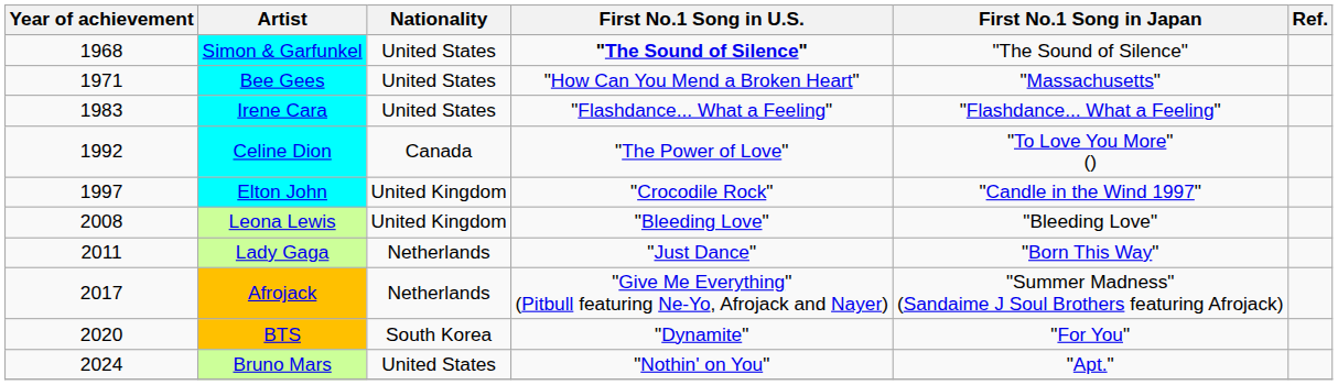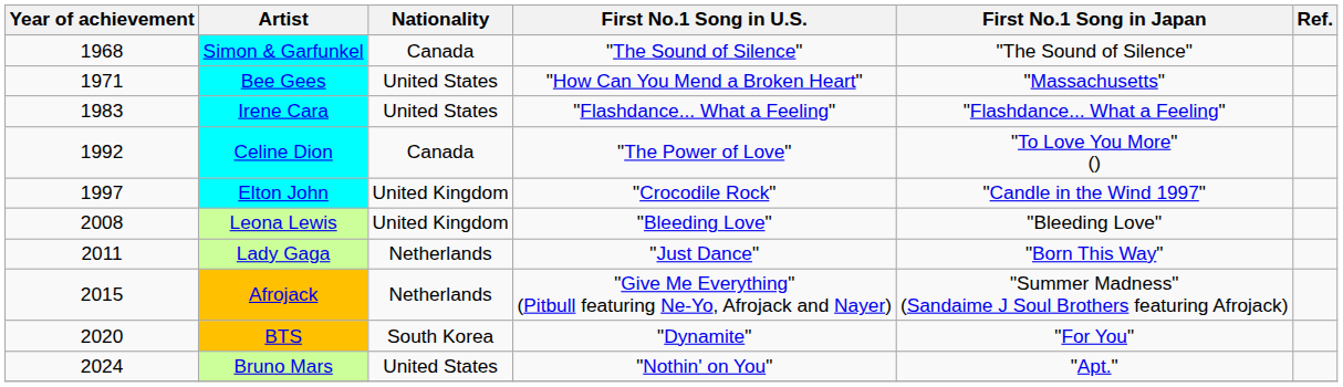 <table class="wikitable sortable" style="text-align:center;">
 <tr>
 <th> Year of achievement</th>
 <th>Artist</th>
 <th>Nationality</th>
 <th>First No.1 Song in U.S.</th>
 <th>First No.1 Song in Japan</th>
 <th>Ref.</th>
 </tr>
 <tr>
 <td>1968</td>
 <td style="background:#00ffff;"><a href='#'>Simon & Garfunkel</a></td>
-<td><span>United States</span></td>
-<td><strong>"<a href='#'>The Sound of Silence</a>"</strong></td>
+<td><span>Canada</span></td>
+<td>"<a href='#'>The Sound of Silence</a>"</td>
 <td>"The Sound of Silence"</td>
 <td></td>
 </tr>
 <tr>
 <td>1971</td>
 <td style="background:#00ffff;"><a href='#'>Bee Gees</a></td>
 <td><span>United States</span></td>
 <td>"<a href='#'>How Can You Mend a Broken Heart</a>"</td>
 <td>"<a href='#'>Massachusetts</a>"</td>
 <td></td>
 </tr>
 <tr>
 <td>1983</td>
 <td style="background:#00ffff;"><a href='#'>Irene Cara</a></td>
 <td><span>United States</span></td>
 <td>"<a href='#'>Flashdance... What a Feeling</a>"</td>
 <td>"<a href='#'>Flashdance... What a Feeling</a>"</td>
 <td></td>
 </tr>
 <tr>
 <td>1992</td>
 <td style="background:#00ffff;"><a href='#'>Celine Dion</a></td>
 <td><span>Canada</span></td>
 <td>"<a href='#'>The Power of Love</a>"</td>
 <td>"<a href='#'>To Love You More</a>"<br>()</td>
 <td></td>
 </tr>
 <tr>
 <td>1997</td>
 <td style="background:#00ffff;"><a href='#'>Elton John</a></td>
 <td><span>United Kingdom</span></td>
 <td>"<a href='#'>Crocodile Rock</a>"</td>
 <td>"<a href='#'>Candle in the Wind 1997</a>"</td>
 <td></td>
 </tr>
 <tr>
 <td>2008</td>
 <td style="background:#ccff99;"><a href='#'>Leona Lewis</a></td>
 <td><span>United Kingdom</span></td>
 <td>"<a href='#'>Bleeding Love</a>"</td>
 <td>"Bleeding Love"</td>
 <td></td>
 </tr>
 <tr>
 <td>2011</td>
 <td style="background:#ccff99;"><a href='#'>Lady Gaga</a></td>
 <td><span>Netherlands</span></td>
 <td>"<a href='#'>Just Dance</a>"<br></td>
 <td>"<a href='#'>Born This Way</a>"</td>
 <td></td>
 </tr>
 <tr>
-<td>2017</td>
+<td>2015</td>
 <td style="background:#ffc000;"><a href='#'>Afrojack</a></td>
 <td><span>Netherlands</span></td>
 <td>"<a href='#'>Give Me Everything</a>"<br><span>(<a href='#'>Pitbull</a> featuring <a href='#'>Ne-Yo</a>, Afrojack and <a href='#'>Nayer</a>)</span></td>
 <td>"Summer Madness"<br><span>(<a href='#'>Sandaime J Soul Brothers</a> featuring Afrojack)</span></td>
 <td></td>
 </tr>
 <tr>
 <td>2020</td>
 <td style="background:#ffc000;"><a href='#'>BTS</a></td>
 <td><span>South Korea</span></td>
 <td>"<a href='#'>Dynamite</a>"</td>
 <td>"<a href='#'>For You</a>"</td>
 <td></td>
 </tr>
 <tr>
 <td>2024</td>
 <td style="background:#ccff99;"><a href='#'>Bruno Mars</a></td>
 <td><span>United States</span></td>
 <td>"<a href='#'>Nothin' on You</a>"<br></td>
 <td>"<a href='#'>Apt.</a>"<br></td>
 <td></td>
 </tr>
 <tr>
 </tr>
 </table>
